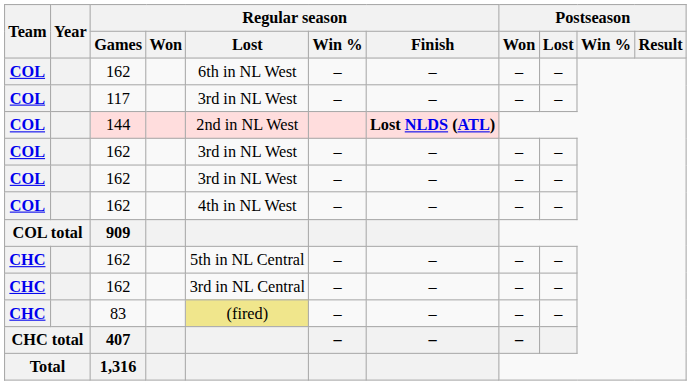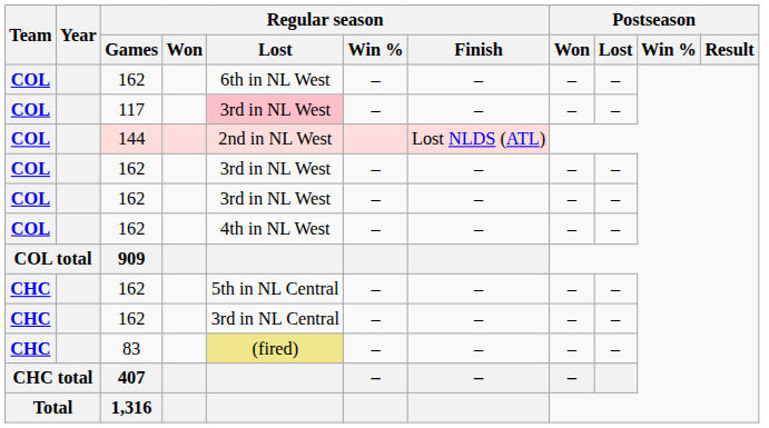 <table class="wikitable" style="font-size: 95%; text-align:center;">
 <tr>
 <th rowspan="2">Team</th>
 <th rowspan="2">Year</th>
 <th colspan="5">Regular season</th>
 <th colspan="4">Postseason</th>
 </tr>
 <tr>
 <th>Games</th>
 <th>Won</th>
 <th>Lost</th>
 <th>Win %</th>
 <th>Finish</th>
 <th>Won</th>
 <th>Lost</th>
 <th>Win %</th>
 <th>Result</th>
 </tr>
 <tr>
 <th><a href='#'>COL</a></th>
 <th></th>
 <td>162</td>
 <td></td>
 <td>6th in NL West</td>
 <td>–</td>
 <td>–</td>
 <td>–</td>
 <td>–</td>
 </tr>
 <tr>
 <th><a href='#'>COL</a></th>
 <th></th>
 <td>117</td>
 <td></td>
-<td>3rd in NL West</td>
+<td style="background: pink;">3rd in NL West</td>
 <td>–</td>
 <td>–</td>
 <td>–</td>
 <td>–</td>
 </tr>
 <tr style="background:#fdd;" !>
 <th><a href='#'>COL</a></th>
 <th></th>
 <td>144</td>
 <td></td>
 <td>2nd in NL West</td>
 <td></td>
-<td><strong>Lost <a href='#'>NLDS</a> (<a href='#'>ATL</a>)</strong></td>
+<td>Lost <a href='#'>NLDS</a> (<a href='#'>ATL</a>)</td>
 </tr>
 <tr>
 <th><a href='#'>COL</a></th>
 <th></th>
 <td>162</td>
 <td></td>
 <td>3rd in NL West</td>
 <td>–</td>
 <td>–</td>
 <td>–</td>
 <td>–</td>
 </tr>
 <tr>
 <th><a href='#'>COL</a></th>
 <th></th>
 <td>162</td>
 <td></td>
 <td>3rd in NL West</td>
 <td>–</td>
 <td>–</td>
 <td>–</td>
 <td>–</td>
 </tr>
 <tr>
 <th><a href='#'>COL</a></th>
 <th></th>
 <td>162</td>
 <td></td>
 <td>4th in NL West</td>
 <td>–</td>
 <td>–</td>
 <td>–</td>
 <td>–</td>
 </tr>
 <tr>
 <th colspan="2">COL total</th>
 <th>909</th>
 <th></th>
 <th></th>
 <th></th>
 <th></th>
 </tr>
 <tr>
 <th><a href='#'>CHC</a></th>
 <th></th>
 <td>162</td>
 <td></td>
 <td>5th in NL Central</td>
 <td>–</td>
 <td>–</td>
 <td>–</td>
 <td>–</td>
 </tr>
 <tr>
 <th><a href='#'>CHC</a></th>
 <th></th>
 <td>162</td>
 <td></td>
 <td>3rd in NL Central</td>
 <td>–</td>
 <td>–</td>
 <td>–</td>
 <td>–</td>
 </tr>
 <tr>
 <th><a href='#'>CHC</a></th>
 <th></th>
 <td>83</td>
 <td></td>
 <td style="background: khaki;">(fired)</td>
 <td>–</td>
 <td>–</td>
 <td>–</td>
 <td>–</td>
 </tr>
 <tr>
 <th colspan="2">CHC total</th>
 <th>407</th>
 <th></th>
 <th></th>
 <th>–</th>
 <th>–</th>
 <th>–</th>
 <th></th>
 </tr>
 <tr>
 <th colspan="2">Total</th>
 <th>1,316</th>
 <th></th>
 <th></th>
 <th></th>
 <th></th>
 </tr>
 </table>
